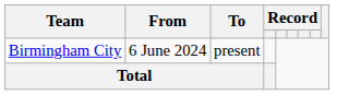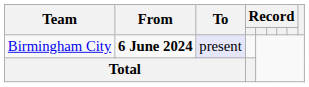 <table class="wikitable" style="text-align: center;">
 <tr>
 <th rowspan="2">Team</th>
 <th rowspan="2">From</th>
 <th rowspan="2">To</th>
 <th colspan="5">Record</th>
 <th rowspan="2"></th>
 </tr>
 <tr>
 <th></th>
 <th></th>
 <th></th>
 <th></th>
 <th></th>
 </tr>
 <tr>
 <td align=left><a href='#'>Birmingham City</a></td>
-<td align=left>6 June 2024</td>
-<td align=left>present<br></td>
+<td align=left><strong>6 June 2024</strong></td>
+<td align=left style="background: lavender;">present<br></td>
 <td></td>
 </tr>
 <tr>
 <th colspan="3">Total<br></th>
 <th></th>
 </tr>
 </table>
